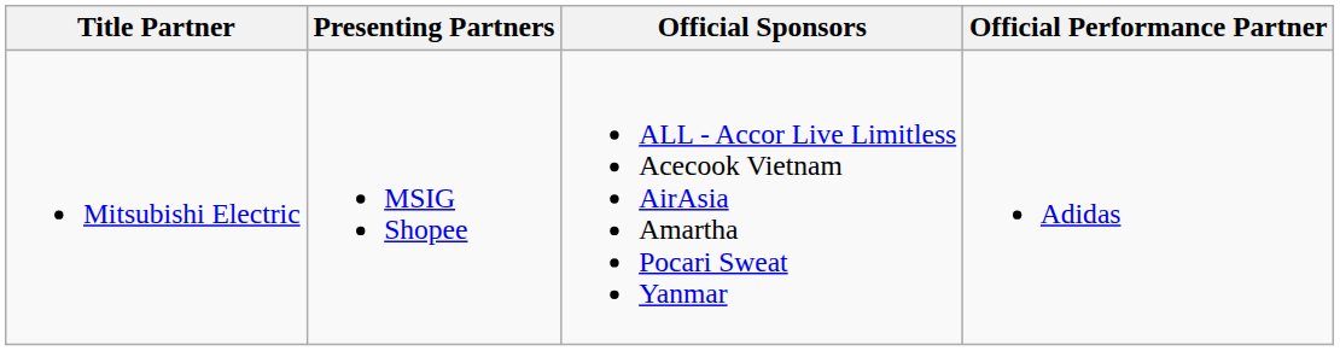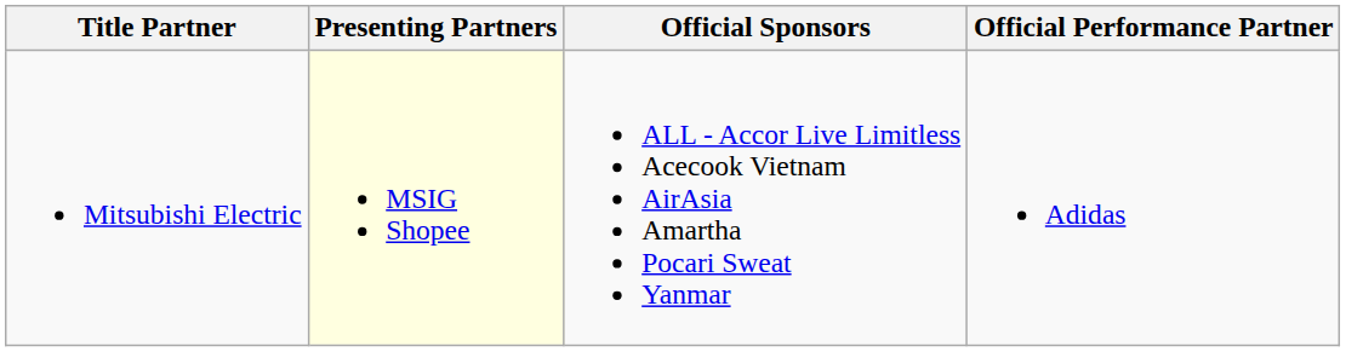 <table class="wikitable">
 <tr>
 <th>Title Partner</th>
 <th>Presenting Partners</th>
 <th>Official Sponsors</th>
 <th>Official Performance Partner</th>
 </tr>
 <tr>
 <td><br><ul><li><a href='#'>Mitsubishi Electric</a></li></ul></td>
-<td><br><ul><li><a href='#'>MSIG</a></li><li><a href='#'>Shopee</a></li></ul></td>
+<td style="background: lightyellow;"><br><ul><li><a href='#'>MSIG</a></li><li><a href='#'>Shopee</a></li></ul></td>
 <td><br><ul><li><a href='#'>ALL - Accor Live Limitless</a></li><li>Acecook Vietnam</li><li><a href='#'>AirAsia</a></li><li>Amartha</li><li><a href='#'>Pocari Sweat</a></li><li><a href='#'>Yanmar</a></li></ul></td>
 <td><br><ul><li><a href='#'>Adidas</a></li></ul></td>
 </tr>
 </table>
